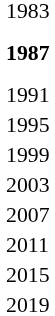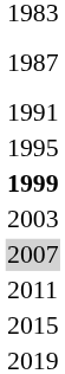 <table>
 <tr>
 <td>1983</td>
 <td></td>
 <td></td>
 <td></td>
 </tr>
 <tr>
-<td><strong>1987</strong></td>
+<td>1987</td>
 <td></td>
 <td></td>
 <td><br><br></td>
 </tr>
 <tr>
 <td>1991</td>
 <td></td>
 <td></td>
 <td><br></td>
 </tr>
 <tr>
 <td>1995</td>
 <td></td>
 <td></td>
 <td><br></td>
 </tr>
 <tr>
-<td>1999</td>
+<td><strong>1999</strong></td>
 <td></td>
 <td></td>
 <td><br></td>
 </tr>
 <tr>
 <td>2003</td>
 <td></td>
 <td></td>
 <td><br></td>
 </tr>
 <tr>
-<td>2007</td>
+<td style="background: lightgrey;">2007</td>
 <td></td>
 <td></td>
 <td><br></td>
 </tr>
 <tr>
 <td rowspan=2>2011<br></td>
 <td rowspan=2></td>
 <td rowspan=2></td>
 <td></td>
 </tr>
 <tr>
 <td></td>
 </tr>
 <tr>
 <td rowspan=2>2015<br></td>
 <td rowspan=2></td>
 <td rowspan=2></td>
 <td></td>
 </tr>
 <tr>
 <td></td>
 </tr>
 <tr>
 <td rowspan=2>2019<br></td>
 <td rowspan=2></td>
 <td rowspan=2></td>
 <td></td>
 </tr>
 <tr>
 <td></td>
 </tr>
 </table>
